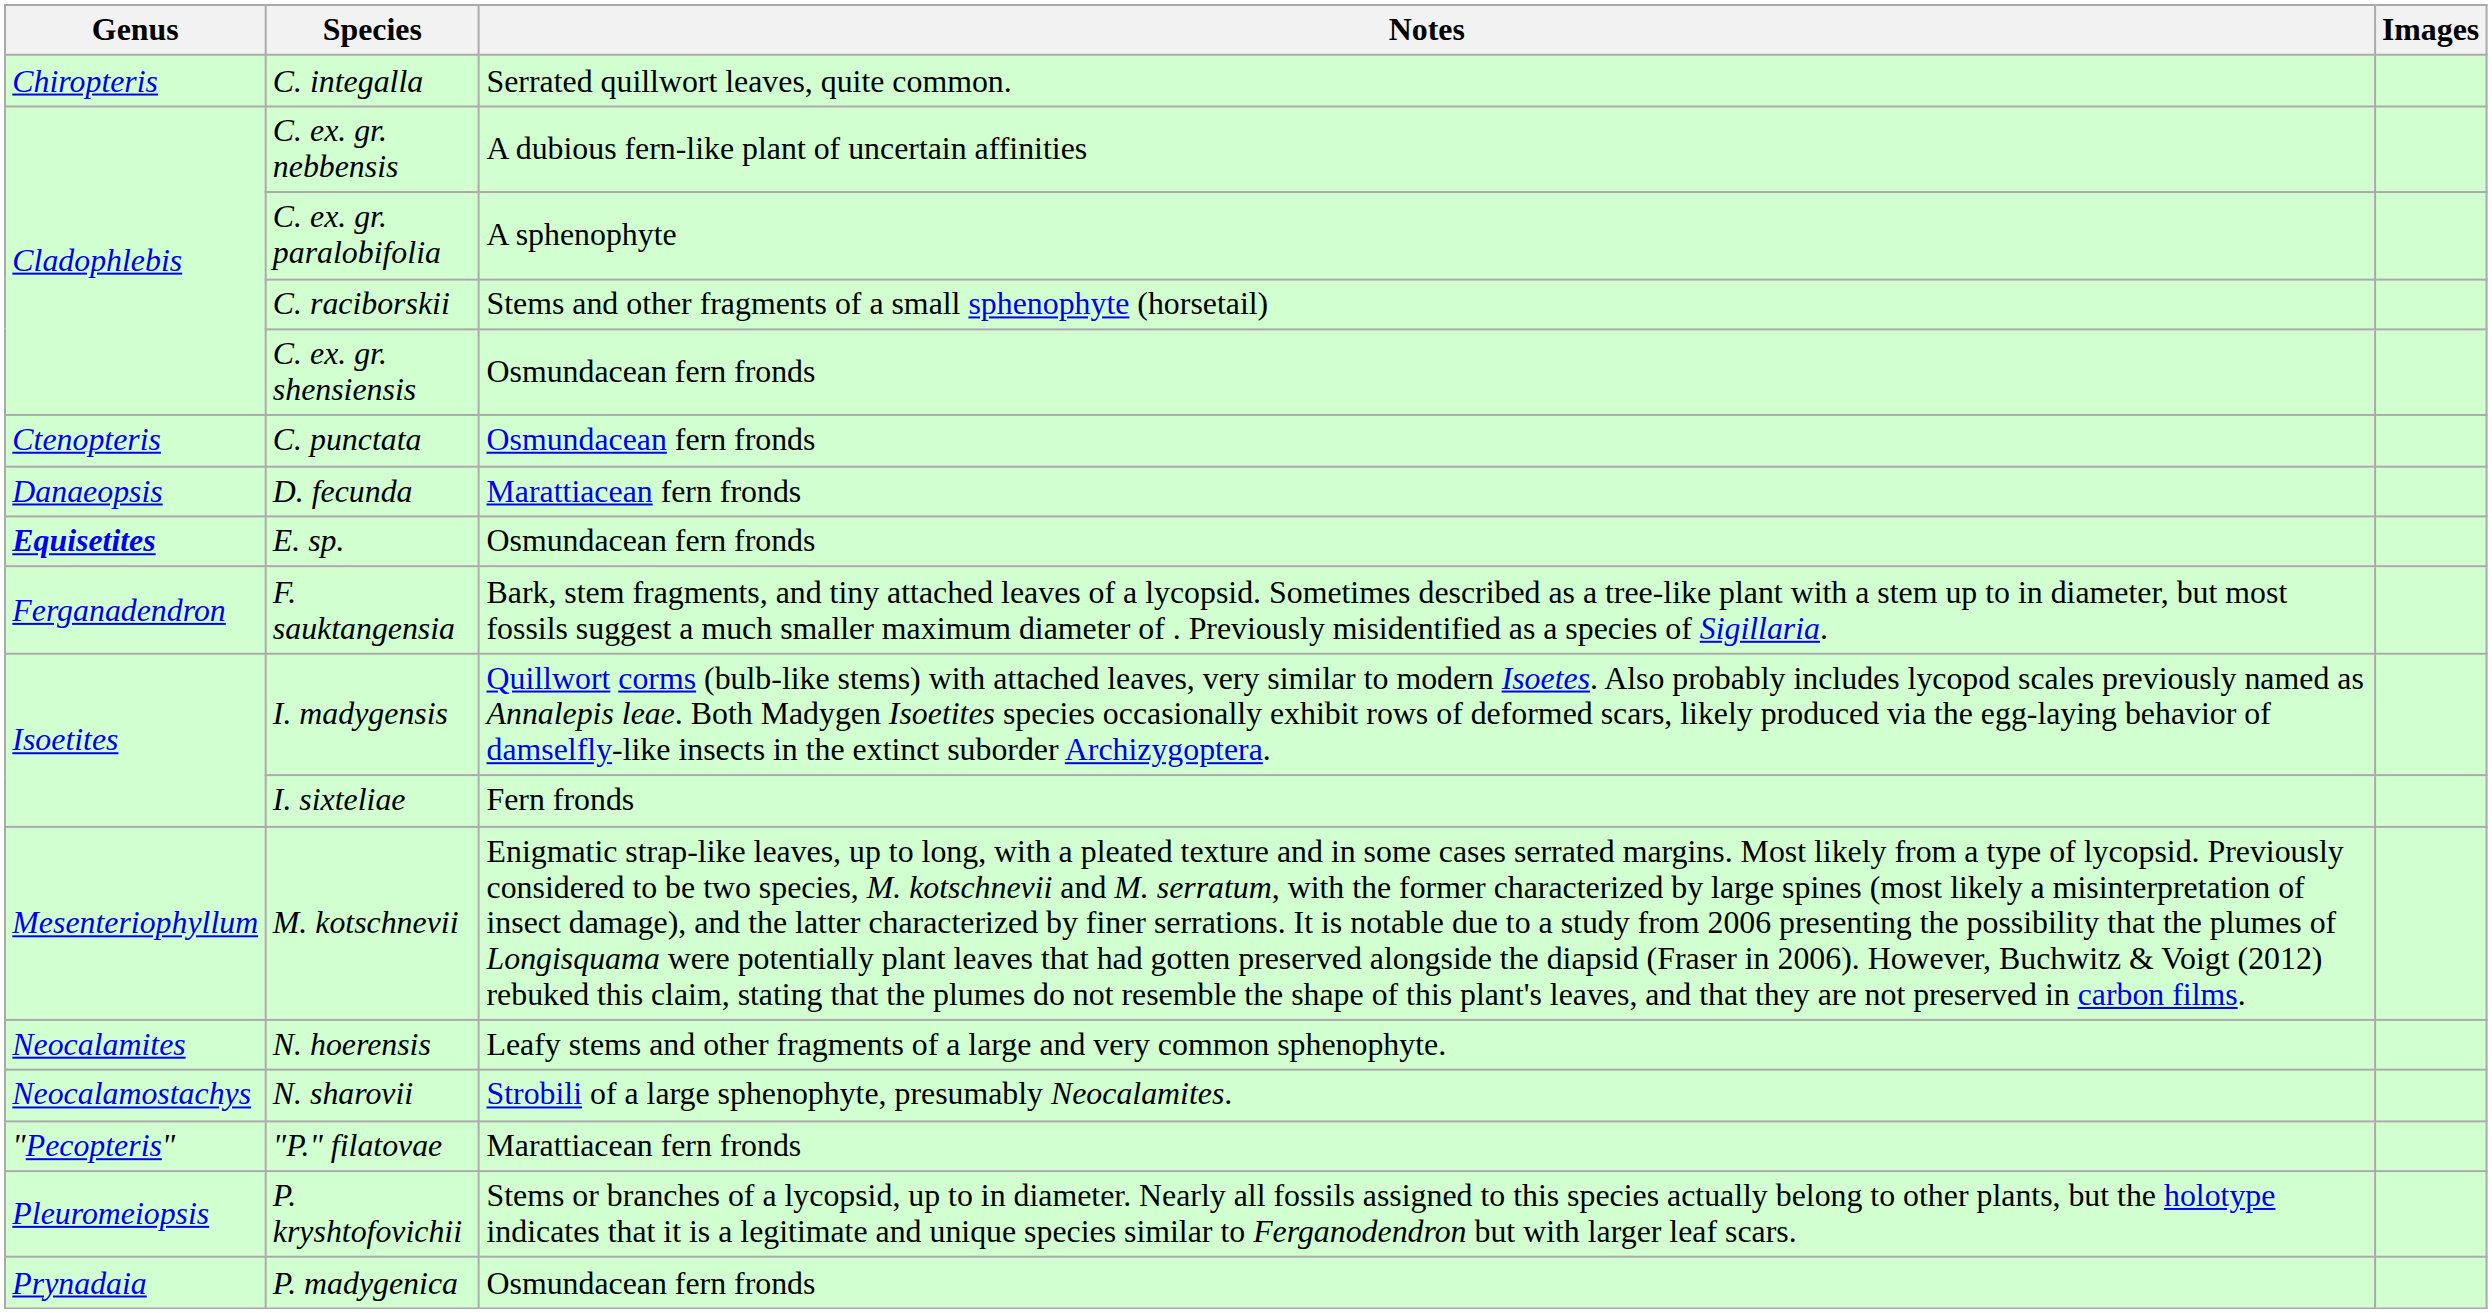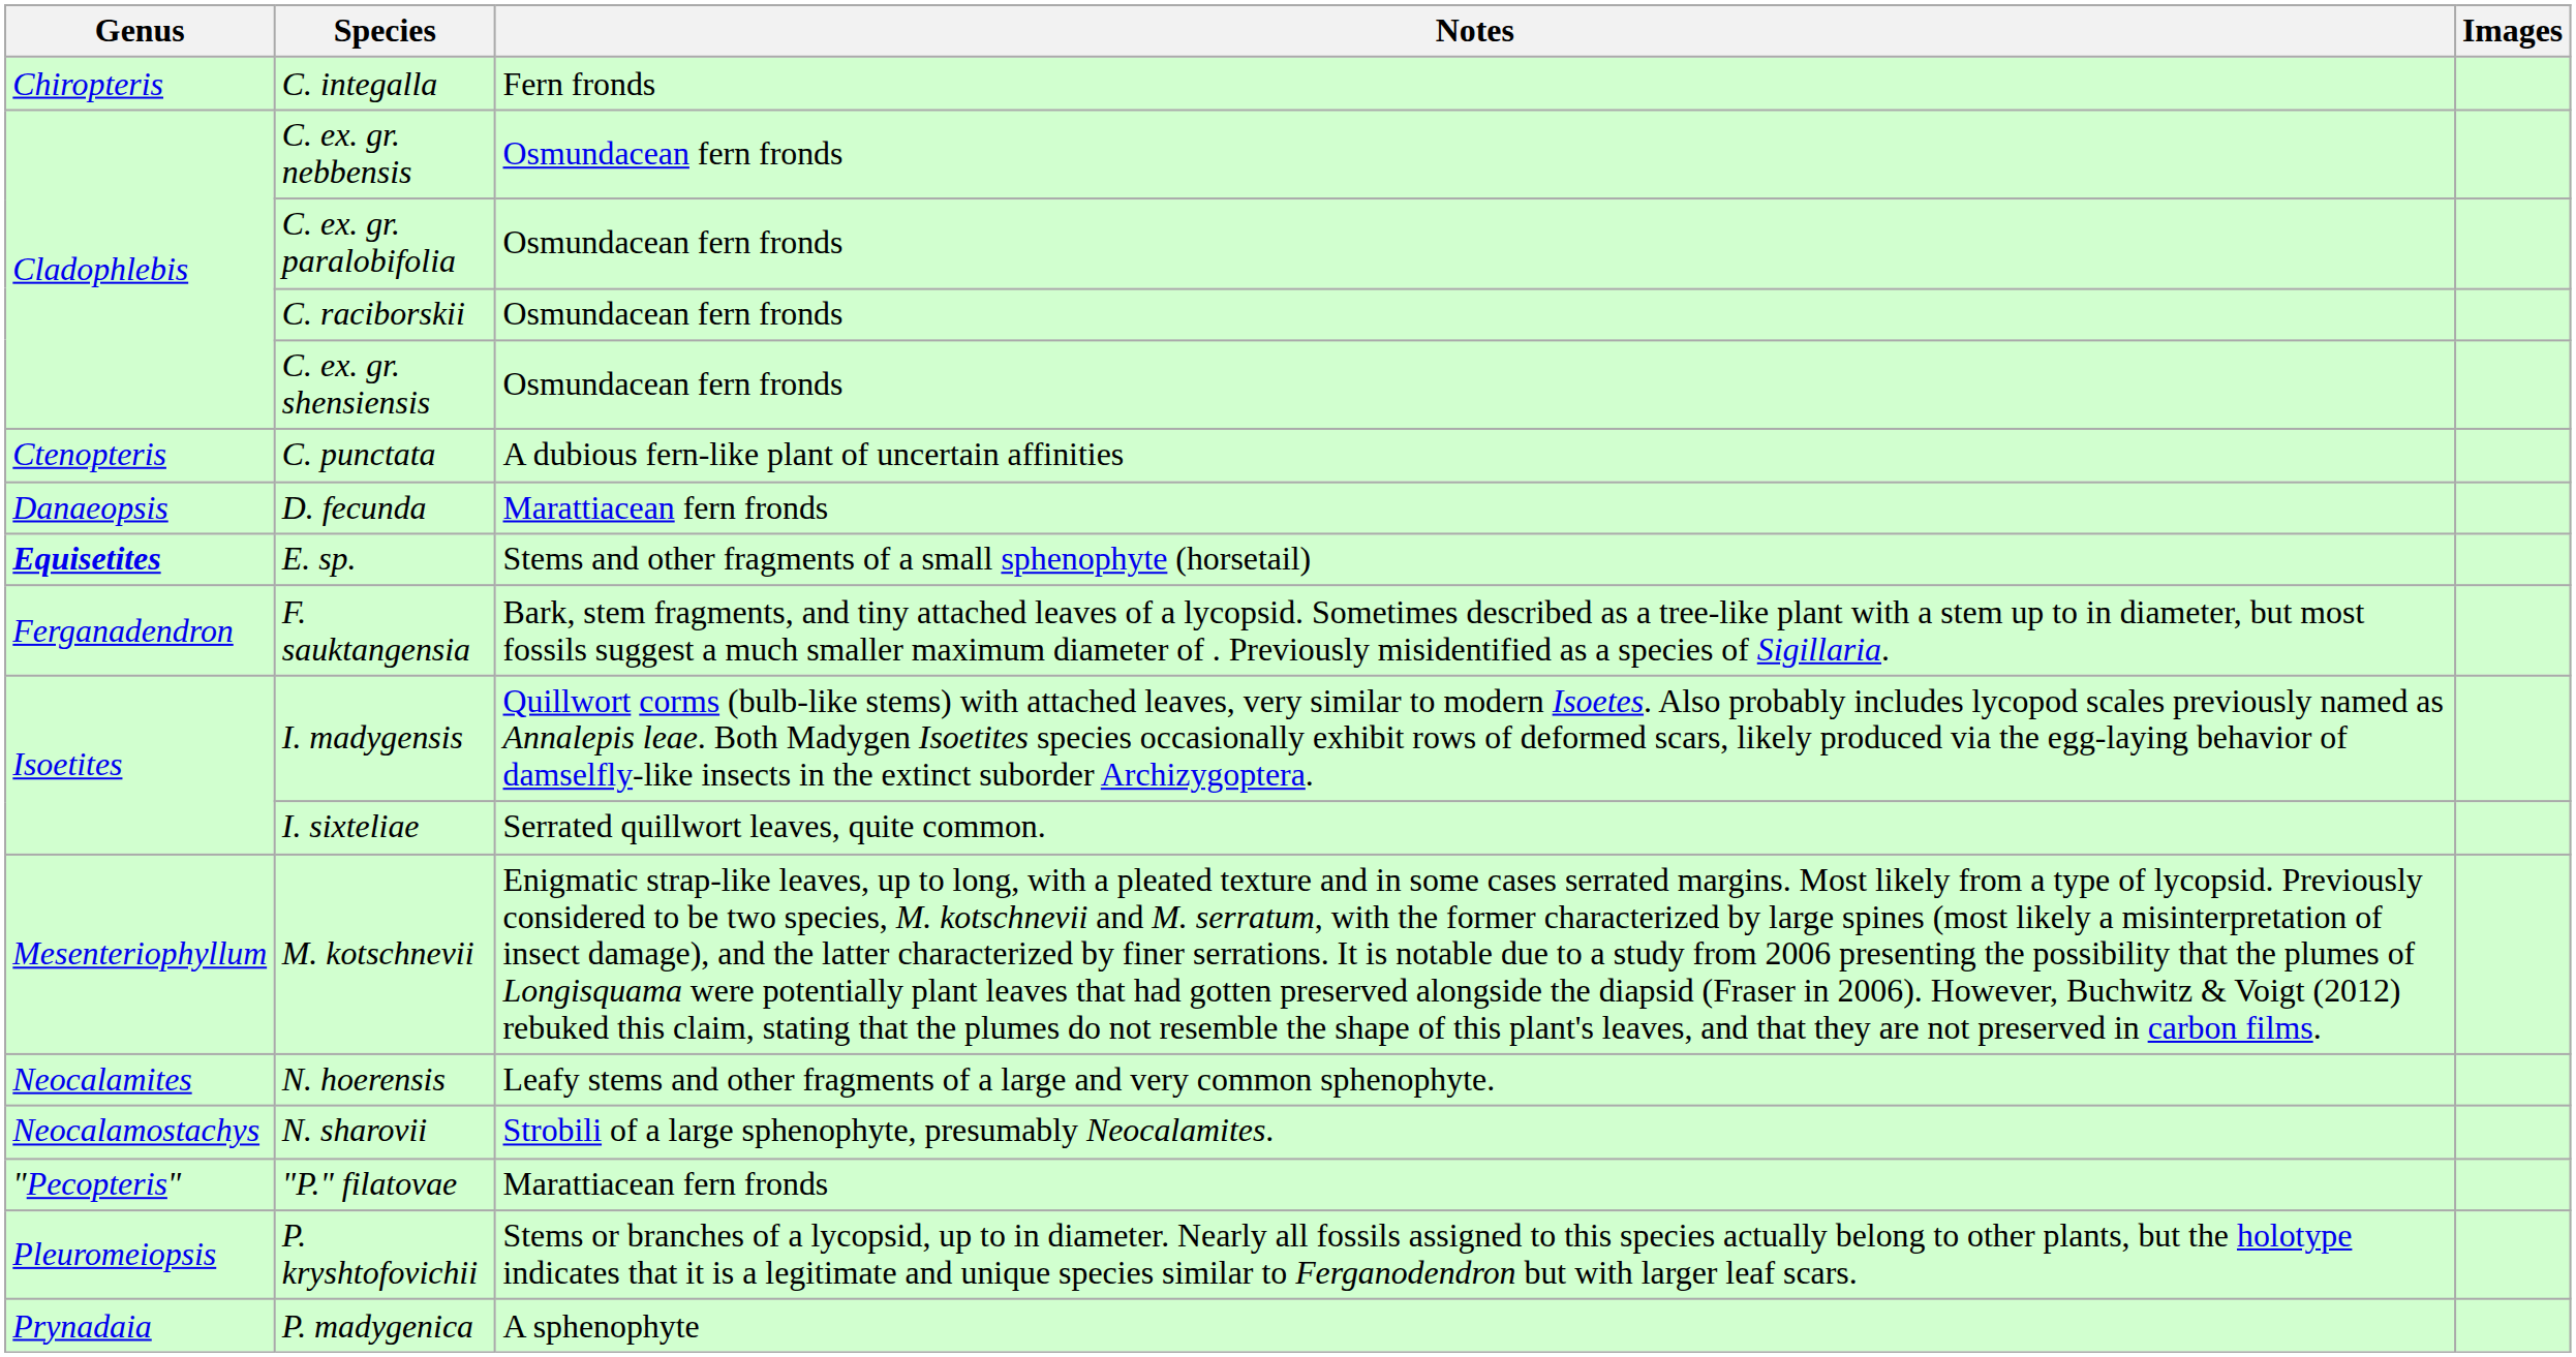 <table class="wikitable sortable">
 <tr>
 <th>Genus</th>
 <th width="100px">Species</th>
 <th>Notes</th>
 <th>Images</th>
 </tr>
 <tr>
 <td style="background:#D1FFCF;"><em><a href='#'>Chiropteris</a></em></td>
 <td style="background:#D1FFCF;"><em>C. integalla</em></td>
-<td style="background:#D1FFCF;">Serrated quillwort leaves, quite common.</td>
+<td style="background:#D1FFCF;">Fern fronds</td>
 <td style="background:#D1FFCF;"></td>
 </tr>
 <tr>
 <td rowspan="4" style="background:#D1FFCF;"><em><a href='#'>Cladophlebis</a></em></td>
 <td style="background:#D1FFCF;"><em>C. ex. gr. nebbensis</em></td>
-<td style="background:#D1FFCF;">A dubious fern-like plant of uncertain affinities</td>
+<td style="background:#D1FFCF;"><a href='#'>Osmundacean</a> fern fronds</td>
 <td style="background:#D1FFCF;"></td>
 </tr>
 <tr>
 <td style="background:#D1FFCF;"><em>C. ex. gr. paralobifolia</em></td>
-<td style="background:#D1FFCF;">A sphenophyte</td>
+<td style="background:#D1FFCF;">Osmundacean fern fronds</td>
 <td style="background:#D1FFCF;"></td>
 </tr>
 <tr>
 <td style="background:#D1FFCF;"><em>C. raciborskii</em></td>
-<td style="background:#D1FFCF;">Stems and other fragments of a small <a href='#'>sphenophyte</a> (horsetail)</td>
+<td style="background:#D1FFCF;">Osmundacean fern fronds</td>
 <td style="background:#D1FFCF;"></td>
 </tr>
 <tr>
 <td style="background:#D1FFCF;"><em>C. ex. gr. shensiensis</em></td>
 <td style="background:#D1FFCF;">Osmundacean fern fronds</td>
 <td style="background:#D1FFCF;"></td>
 </tr>
 <tr>
 <td style="background:#D1FFCF;"><em><a href='#'>Ctenopteris</a></em></td>
 <td style="background:#D1FFCF;"><em>C. punctata</em></td>
-<td style="background:#D1FFCF;"><a href='#'>Osmundacean</a> fern fronds</td>
+<td style="background:#D1FFCF;">A dubious fern-like plant of uncertain affinities</td>
 <td style="background:#D1FFCF;"></td>
 </tr>
 <tr>
 <td style="background:#D1FFCF;"><em><a href='#'>Danaeopsis</a></em></td>
 <td style="background:#D1FFCF;"><em>D. fecunda</em></td>
 <td style="background:#D1FFCF;"><a href='#'>Marattiacean</a> fern fronds</td>
 <td style="background:#D1FFCF;"></td>
 </tr>
 <tr>
 <td style="background:#D1FFCF;"><strong><em><a href='#'>Equisetites</a></em></strong></td>
 <td style="background:#D1FFCF;"><em>E. sp.</em></td>
-<td style="background:#D1FFCF;">Osmundacean fern fronds</td>
+<td style="background:#D1FFCF;">Stems and other fragments of a small <a href='#'>sphenophyte</a> (horsetail)</td>
 <td style="background:#D1FFCF;"></td>
 </tr>
 <tr>
 <td style="background:#D1FFCF;"><em><a href='#'>Ferganadendron</a></em></td>
 <td style="background:#D1FFCF;"><em>F. sauktangensia</em></td>
 <td style="background:#D1FFCF;">Bark, stem fragments, and tiny attached leaves of a lycopsid. Sometimes described as a tree-like plant with a stem up to  in diameter, but most fossils suggest a much smaller maximum diameter of . Previously misidentified as a species of <em><a href='#'>Sigillaria</a></em>.</td>
 <td style="background:#D1FFCF;"></td>
 </tr>
 <tr>
 <td rowspan="2" style="background:#D1FFCF;"><em><a href='#'>Isoetites</a></em></td>
 <td style="background:#D1FFCF;"><em>I. madygensis</em></td>
 <td style="background:#D1FFCF;"><a href='#'>Quillwort</a> <a href='#'>corms</a> (bulb-like stems) with attached leaves, very similar to modern <em><a href='#'>Isoetes</a></em>. Also probably includes lycopod scales previously named as <em>Annalepis leae</em>. Both Madygen <em>Isoetites</em> species occasionally exhibit rows of deformed scars, likely produced via the egg-laying behavior of <a href='#'>damselfly</a>-like insects in the extinct suborder <a href='#'>Archizygoptera</a>.</td>
 <td style="background:#D1FFCF;"></td>
 </tr>
 <tr>
 <td style="background:#D1FFCF;"><em>I. sixteliae</em></td>
-<td style="background:#D1FFCF;">Fern fronds</td>
+<td style="background:#D1FFCF;">Serrated quillwort leaves, quite common.</td>
 <td style="background:#D1FFCF;"></td>
 </tr>
 <tr>
 <td style="background:#D1FFCF;"><em><a href='#'>Mesenteriophyllum</a></em></td>
 <td style="background:#D1FFCF;"><em>M. kotschnevii</em></td>
 <td style="background:#D1FFCF;">Enigmatic strap-like leaves, up to  long, with a pleated texture and in some cases serrated margins. Most likely from a type of lycopsid. Previously considered to be two species, <em>M. kotschnevii</em> and <em>M. serratum</em>, with the former characterized by large spines (most likely a misinterpretation of insect damage), and the latter characterized by finer serrations. It is notable due to a study from 2006 presenting the possibility that the plumes of <em>Longisquama</em> were potentially plant leaves that had gotten preserved alongside the diapsid (Fraser in 2006). However, Buchwitz & Voigt (2012) rebuked this claim, stating that the plumes do not resemble the shape of this plant's leaves, and that they are not preserved in <a href='#'>carbon films</a>.</td>
 <td style="background:#D1FFCF;"></td>
 </tr>
 <tr>
 <td style="background:#D1FFCF;"><em><a href='#'>Neocalamites</a></em></td>
 <td style="background:#D1FFCF;"><em>N. hoerensis</em></td>
 <td style="background:#D1FFCF;">Leafy stems and other fragments of a large and very common sphenophyte.</td>
 <td style="background:#D1FFCF;"></td>
 </tr>
 <tr>
 <td style="background:#D1FFCF;"><em><a href='#'>Neocalamostachys</a></em></td>
 <td style="background:#D1FFCF;"><em>N. sharovii</em></td>
 <td style="background:#D1FFCF;"><a href='#'>Strobili</a> of a large sphenophyte, presumably <em>Neocalamites</em>.</td>
 <td style="background:#D1FFCF;"></td>
 </tr>
 <tr>
 <td style="background:#D1FFCF;"><em>"<a href='#'>Pecopteris</a>"</em></td>
 <td style="background:#D1FFCF;"><em>"P." filatovae</em></td>
 <td style="background:#D1FFCF;">Marattiacean fern fronds</td>
 <td style="background:#D1FFCF;"></td>
 </tr>
 <tr>
 <td style="background:#D1FFCF;"><em><a href='#'>Pleuromeiopsis</a></em></td>
 <td style="background:#D1FFCF;"><em>P. kryshtofovichii</em></td>
 <td style="background:#D1FFCF;">Stems or branches of a lycopsid, up to  in diameter. Nearly all fossils assigned to this species actually belong to other plants, but the <a href='#'>holotype</a> indicates that it is a legitimate and unique species similar to <em>Ferganodendron</em> but with larger leaf scars.</td>
 <td style="background:#D1FFCF;"></td>
 </tr>
 <tr>
 <td style="background:#D1FFCF;"><em><a href='#'>Prynadaia</a></em></td>
 <td style="background:#D1FFCF;"><em>P. madygenica</em></td>
-<td style="background:#D1FFCF;">Osmundacean fern fronds</td>
+<td style="background:#D1FFCF;">A sphenophyte</td>
 <td style="background:#D1FFCF;"></td>
 </tr>
 </table>
